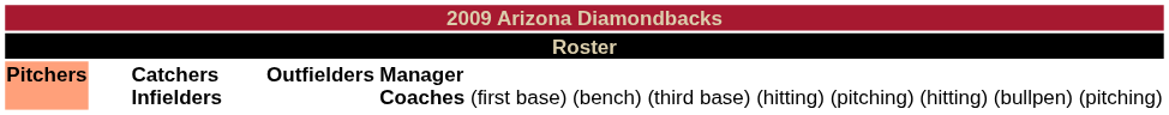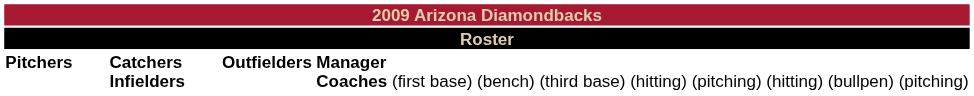 <table class="toccolours" style="font-size: 95%;">
 <tr>
 <th colspan="10" style="background:#a71930; color:#dbceac; text-align:center;">2009 Arizona Diamondbacks</th>
 </tr>
 <tr>
 <td colspan="10" style="background:black; color:#DBCEAC; text-align:center;"><strong>Roster</strong></td>
 </tr>
 <tr>
-<td valign="top" style="background: lightsalmon;"><strong>Pitchers</strong><br>                      </td>
+<td valign="top"><strong>Pitchers</strong><br>                      </td>
 <td style="width:25px;"></td>
 <td valign="top"><strong>Catchers</strong><br>    <strong>Infielders</strong>           </td>
 <td style="width:25px;"></td>
 <td valign="top"><strong>Outfielders</strong><br>      </td>
 <td valign="top"><strong>Manager</strong><br>  <strong>Coaches</strong>  (first base)  (bench)  (third base)  (hitting)  (pitching)  (hitting)  (bullpen)  (pitching)</td>
 </tr>
 </table>
